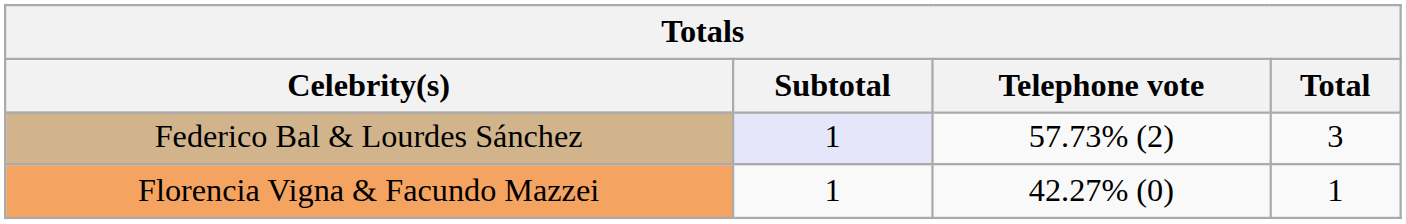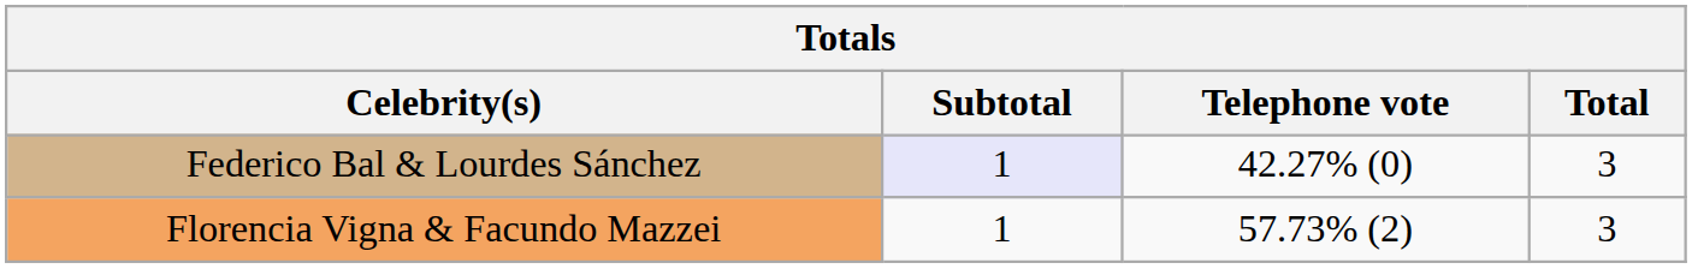 <table class="wikitable collapsible collapsed" style="font-size:90%; text-align: center; width: 100%;">
 <tr>
 <th colspan="11" style="with: 95%;" align=center>Totals</th>
 </tr>
 <tr>
 <th>Celebrity(s)</th>
 <th>Subtotal</th>
 <th>Telephone vote</th>
 <th>Total</th>
 </tr>
 <tr>
 <td bgcolor="tan">Federico Bal & Lourdes Sánchez</td>
 <td style="background: lavender;">1</td>
-<td>57.73% (2)</td>
+<td>42.27% (0)</td>
 <td>3</td>
 </tr>
 <tr>
 <td bgcolor="sandybrown">Florencia Vigna & Facundo Mazzei</td>
 <td>1</td>
-<td>42.27% (0)</td>
-<td>1</td>
+<td>57.73% (2)</td>
+<td>3</td>
 </tr>
 </table>
